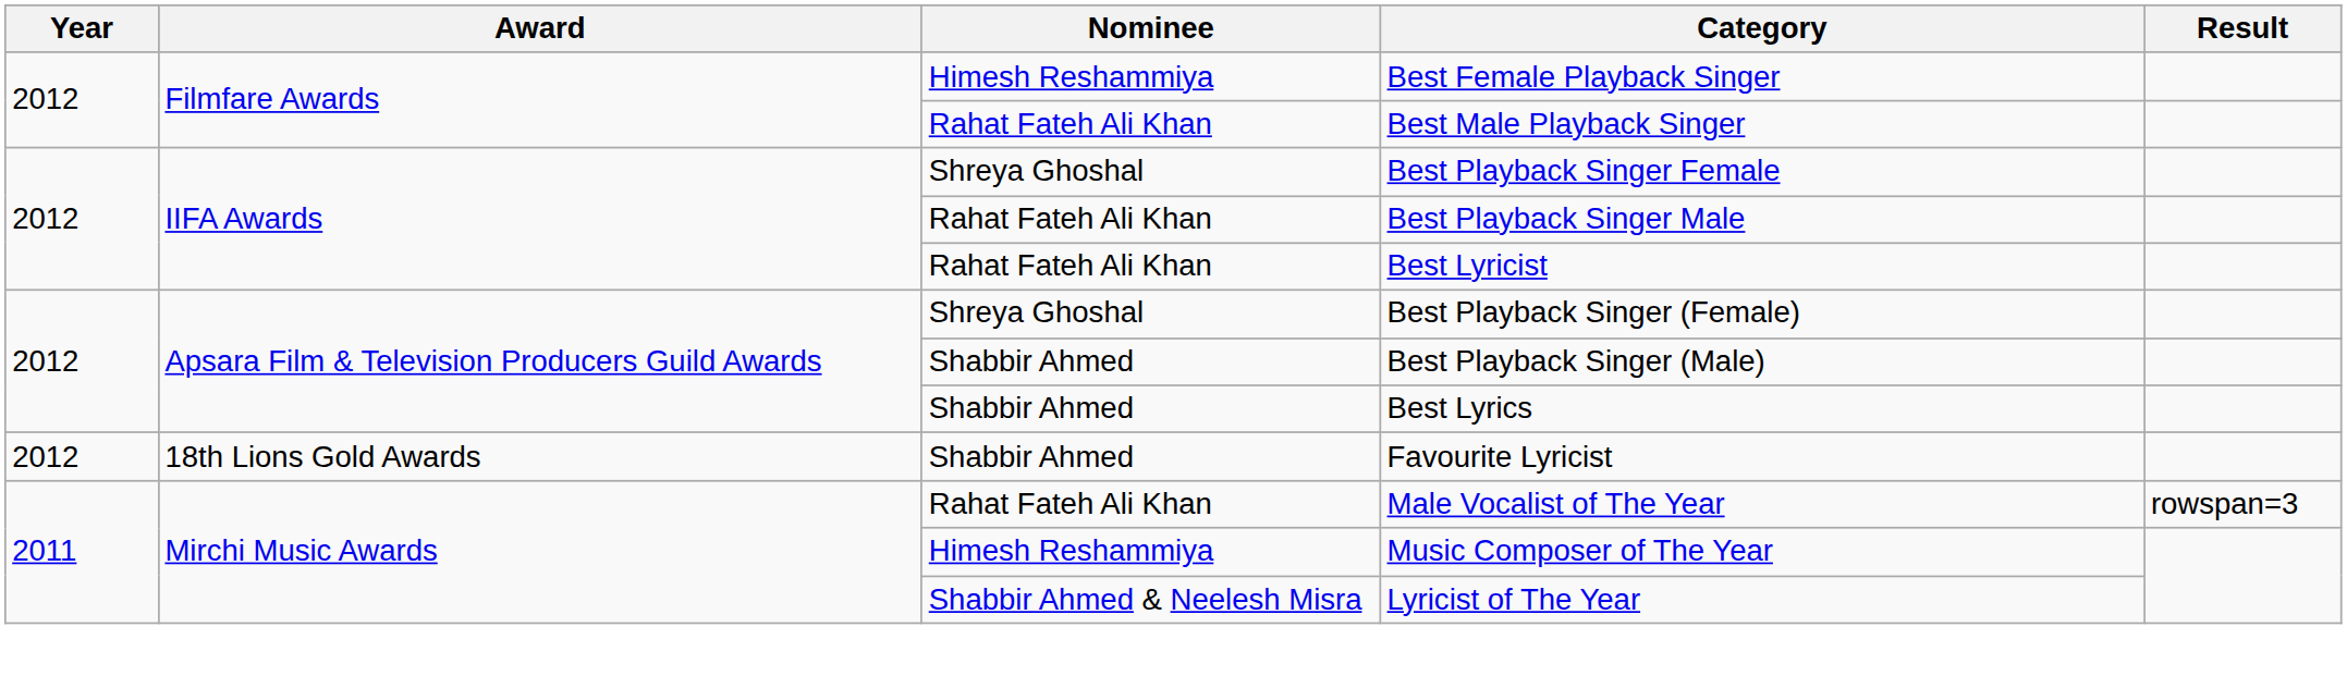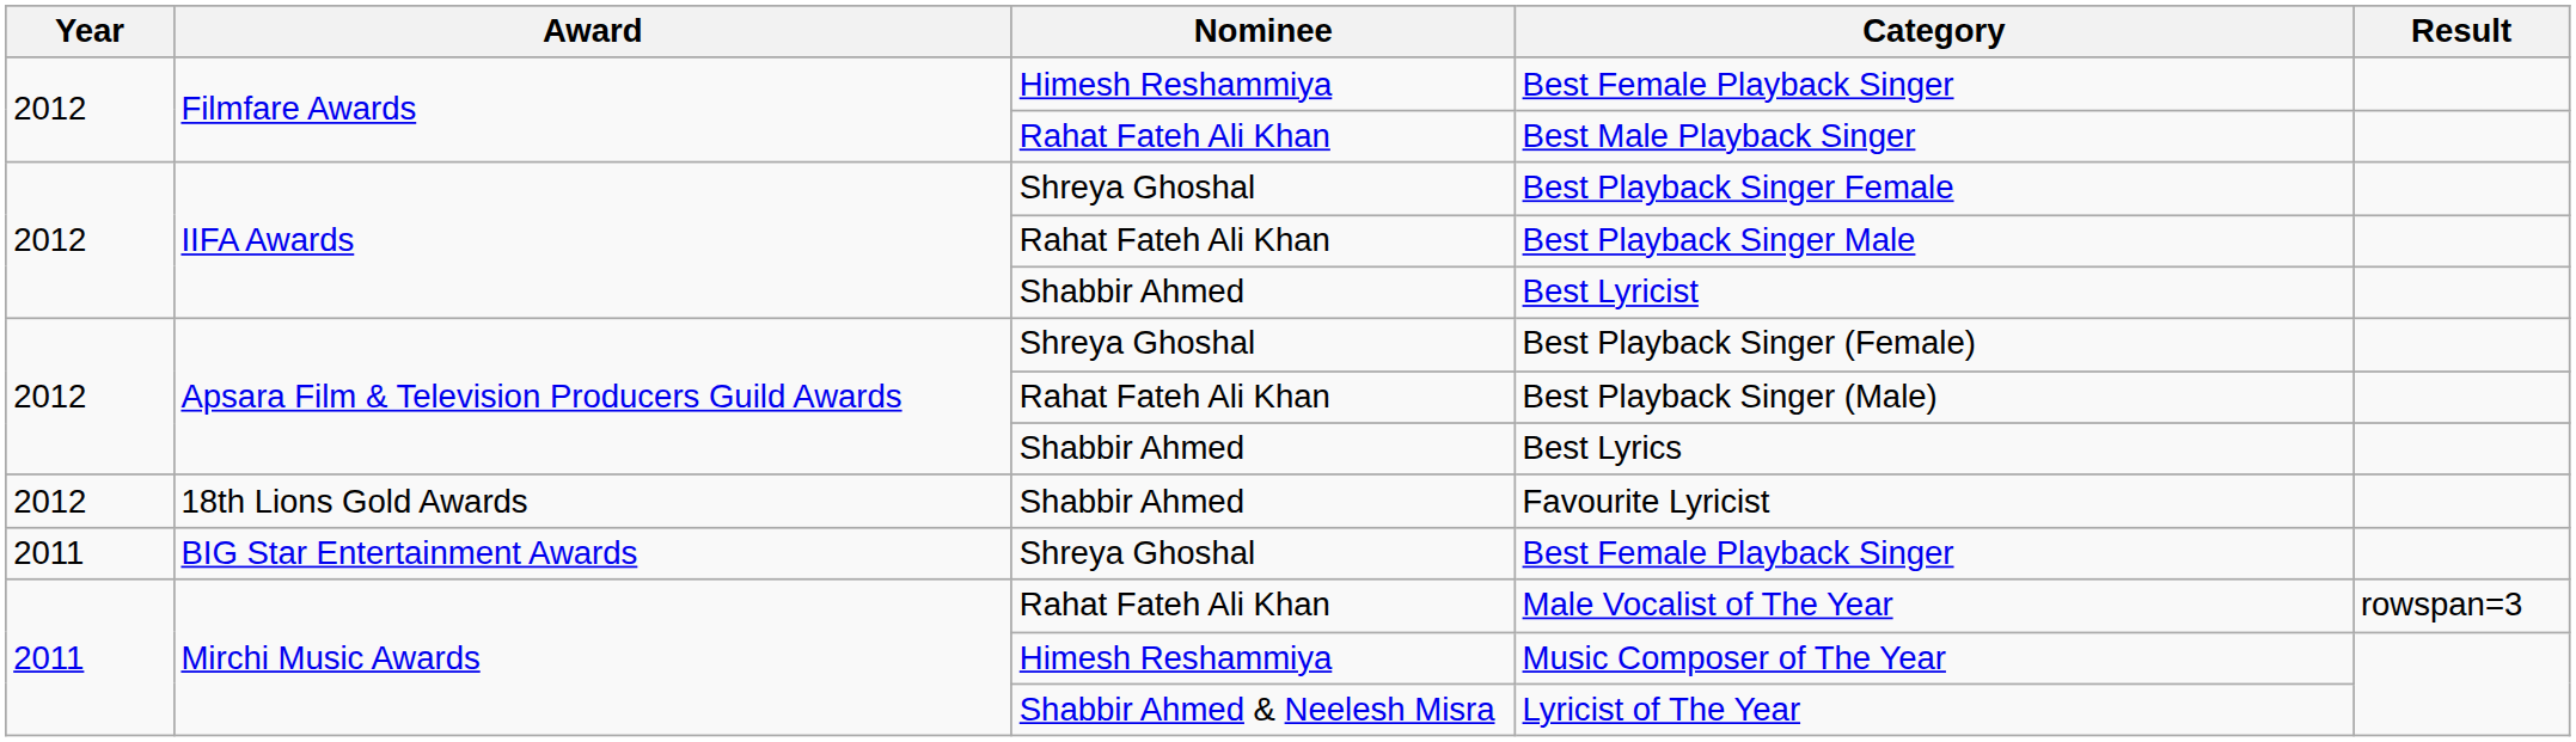 <table class="wikitable sortable">
 <tr>
 <th width=5%>Year</th>
 <th width=25%>Award</th>
 <th width=15%>Nominee</th>
 <th width=25%>Category</th>
 <th width=5%>Result</th>
 </tr>
 <tr>
 <td rowspan="2">2012</td>
 <td rowspan="2"><a href='#'>Filmfare Awards</a></td>
 <td><a href='#'>Himesh Reshammiya</a></td>
 <td><a href='#'>Best Female Playback Singer</a></td>
 <td></td>
 </tr>
 <tr>
 <td><a href='#'>Rahat Fateh Ali Khan</a></td>
 <td><a href='#'>Best Male Playback Singer</a></td>
 <td></td>
 </tr>
 <tr>
 <td rowspan="3">2012</td>
 <td rowspan="3"><a href='#'>IIFA Awards</a></td>
 <td>Shreya Ghoshal</td>
 <td><a href='#'>Best Playback Singer Female</a></td>
 <td></td>
 </tr>
 <tr>
 <td>Rahat Fateh Ali Khan</td>
 <td><a href='#'>Best Playback Singer Male</a></td>
 <td></td>
 </tr>
 <tr>
-<td>Rahat Fateh Ali Khan</td>
+<td>Shabbir Ahmed</td>
 <td><a href='#'>Best Lyricist</a></td>
 <td></td>
 </tr>
 <tr>
 <td rowspan="3">2012</td>
 <td rowspan="3"><a href='#'>Apsara Film & Television Producers Guild Awards</a></td>
 <td>Shreya Ghoshal</td>
 <td>Best Playback Singer (Female)</td>
 <td></td>
 </tr>
 <tr>
-<td>Shabbir Ahmed</td>
+<td>Rahat Fateh Ali Khan</td>
 <td>Best Playback Singer (Male)</td>
 <td></td>
 </tr>
 <tr>
 <td>Shabbir Ahmed</td>
 <td>Best Lyrics</td>
 <td></td>
 </tr>
 <tr>
 <td>2012</td>
 <td>18th Lions Gold Awards</td>
 <td>Shabbir Ahmed</td>
 <td>Favourite Lyricist</td>
+<td></td>
+</tr>
+<tr>
+<td>2011</td>
+<td><a href='#'>BIG Star Entertainment Awards</a></td>
+<td>Shreya Ghoshal</td>
+<td><a href='#'>Best Female Playback Singer</a></td>
 <td></td>
 </tr>
 <tr>
 <td rowspan=3><a href='#'>2011</a></td>
 <td rowspan=3><a href='#'>Mirchi Music Awards</a></td>
 <td>Rahat Fateh Ali Khan</td>
 <td><a href='#'>Male Vocalist of The Year</a></td>
 <td>rowspan=3 </td>
 </tr>
 <tr>
 <td><a href='#'>Himesh Reshammiya</a></td>
 <td><a href='#'>Music Composer of The Year</a></td>
 </tr>
 <tr>
 <td><a href='#'>Shabbir Ahmed</a> & <a href='#'>Neelesh Misra</a></td>
 <td><a href='#'>Lyricist of The Year</a></td>
 </tr>
 </table>
